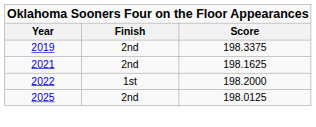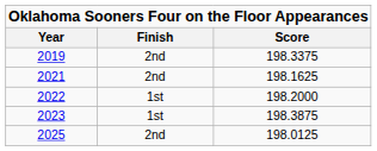 <table style="margin: 1em auto 1em auto" class="wikitable">
 <tr>
 <td colspan=3 align=center "bgcolor=white"><big><span><strong>Oklahoma Sooners Four on the Floor Appearances</strong></span></big></td>
 </tr>
 <tr align="center" valign="top">
 <th>Year</th>
 <th>Finish</th>
 <th>Score</th>
 </tr>
 <tr align="center" valign="top">
 <td><a href='#'>2019</a></td>
 <td>2nd</td>
 <td>198.3375</td>
 </tr>
 <tr align="center" valign="top">
 <td><a href='#'>2021</a></td>
 <td>2nd</td>
 <td>198.1625</td>
 </tr>
 <tr align="center" valign="top">
 <td><a href='#'>2022</a></td>
 <td>1st</td>
 <td>198.2000</td>
 </tr>
 <tr align="center" valign="top">
+<td><a href='#'>2023</a></td>
+<td>1st</td>
+<td>198.3875</td>
+</tr>
+<tr align="center" valign="top">
 <td><a href='#'>2025</a></td>
 <td>2nd</td>
 <td>198.0125</td>
 </tr>
 </table>
